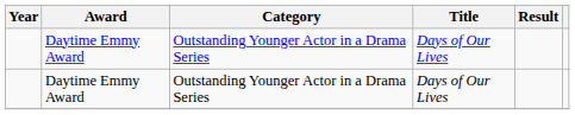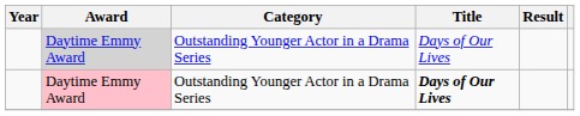 <table class="wikitable sortable plainrowheaders">
 <tr>
 <th scope="col">Year</th>
 <th scope="col">Award</th>
 <th scope="col">Category</th>
 <th scope="col">Title</th>
 <th scope="col">Result</th>
 <th scope="col" class="unsortable"></th>
 </tr>
 <tr>
 <td></td>
-<td><a href='#'>Daytime Emmy Award</a></td>
+<td style="background: lightgrey;"><a href='#'>Daytime Emmy Award</a></td>
 <td><a href='#'>Outstanding Younger Actor in a Drama Series</a></td>
 <td><em><a href='#'>Days of Our Lives</a></em></td>
 <td></td>
 <td></td>
 </tr>
 <tr>
 <td></td>
-<td>Daytime Emmy Award</td>
+<td style="background: pink;">Daytime Emmy Award</td>
 <td>Outstanding Younger Actor in a Drama Series</td>
-<td><em>Days of Our Lives</em></td>
+<td><strong><em>Days of Our Lives</em></strong></td>
 <td></td>
 <td></td>
 </tr>
 <tr>
 </tr>
 </table>
